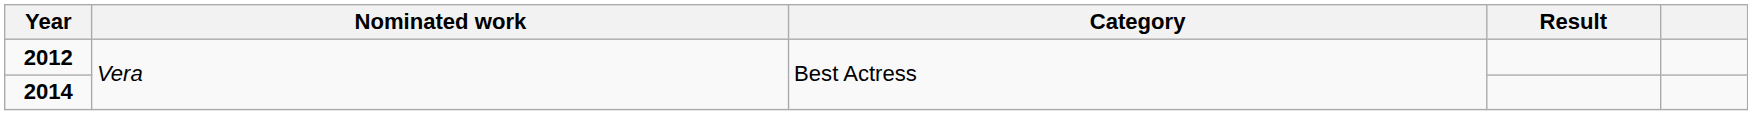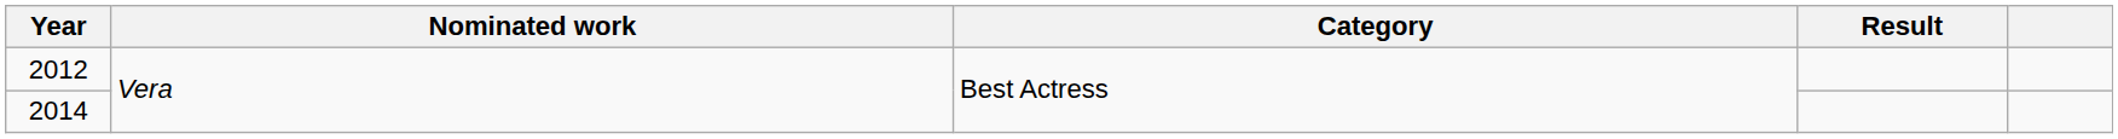 <table class="wikitable" style="width:100%;">
 <tr>
 <th width=5%>Year</th>
 <th style="width:40%;">Nominated work</th>
 <th style="width:40%;">Category</th>
 <th style="width:10%;">Result</th>
 <th width=5%></th>
 </tr>
 <tr>
-<td style="text-align:center;"><strong>2012</strong></td>
+<td style="text-align:center;">2012</td>
 <td rowspan="2" style="text-align:left;"><em>Vera</em></td>
 <td rowspan="2">Best Actress</td>
 <td></td>
 <td style="text-align:center;"></td>
 </tr>
 <tr>
-<td style="text-align:center;"><strong>2014</strong></td>
+<td style="text-align:center;">2014</td>
 <td></td>
 <td style="text-align:center;"></td>
 </tr>
 </table>
